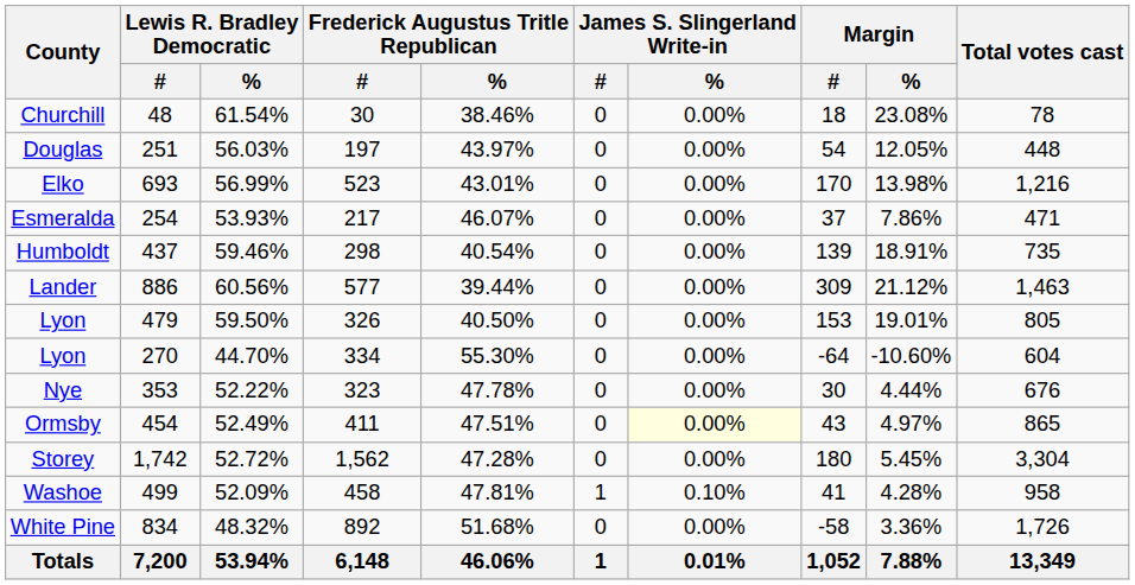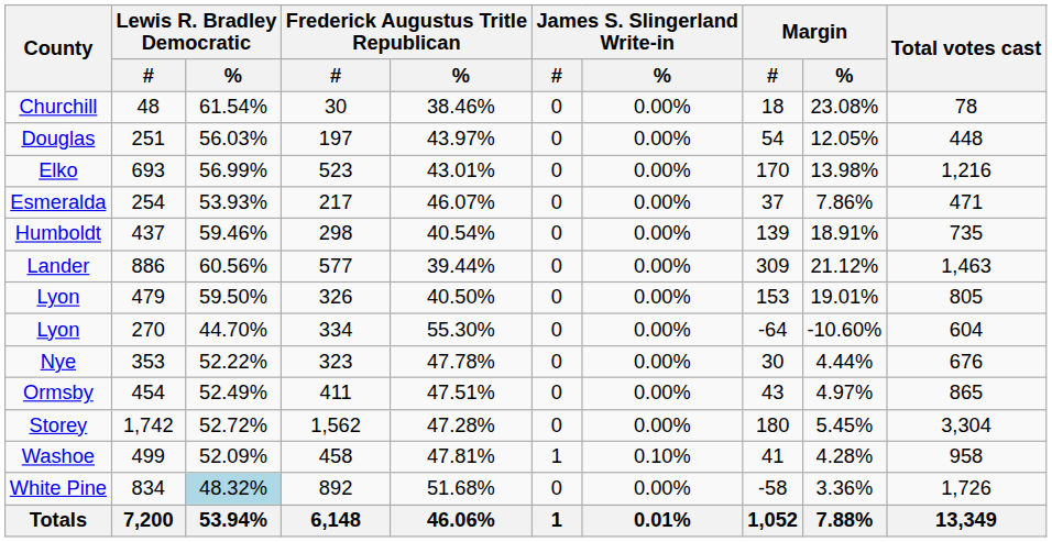 <table class="wikitable sortable" style="text-align:center">
 <tr>
 <th rowspan="2">County</th>
 <th style="text-align:center;" colspan="2">Lewis R. Bradley<br>Democratic</th>
 <th style="text-align:center;" colspan="2">Frederick Augustus Tritle<br>Republican</th>
 <th style="text-align:center;" colspan="2">James S. Slingerland<br>Write-in</th>
 <th style="text-align:center;" colspan="2">Margin</th>
 <th style="text-align:center;" rowspan="2">Total votes cast</th>
 </tr>
 <tr>
 <th style="text-align:center;" data-sort-type="number">#</th>
 <th style="text-align:center;" data-sort-type="number">%</th>
 <th style="text-align:center;" data-sort-type="number">#</th>
 <th style="text-align:center;" data-sort-type="number">%</th>
 <th style="text-align:center;" data-sort-type="number">#</th>
 <th style="text-align:center;" data-sort-type="number">%</th>
 <th style="text-align:center;" data-sort-type="number">#</th>
 <th style="text-align:center;" data-sort-type="number">%</th>
 </tr>
 <tr style="text-align:center;">
 <td><a href='#'>Churchill</a></td>
 <td>48</td>
 <td>61.54%</td>
 <td>30</td>
 <td>38.46%</td>
 <td>0</td>
 <td>0.00%</td>
 <td>18</td>
 <td>23.08%</td>
 <td>78</td>
 </tr>
 <tr style="text-align:center;">
 <td><a href='#'>Douglas</a></td>
 <td>251</td>
 <td>56.03%</td>
 <td>197</td>
 <td>43.97%</td>
 <td>0</td>
 <td>0.00%</td>
 <td>54</td>
 <td>12.05%</td>
 <td>448</td>
 </tr>
 <tr style="text-align:center;">
 <td><a href='#'>Elko</a></td>
 <td>693</td>
 <td>56.99%</td>
 <td>523</td>
 <td>43.01%</td>
 <td>0</td>
 <td>0.00%</td>
 <td>170</td>
 <td>13.98%</td>
 <td>1,216</td>
 </tr>
 <tr style="text-align:center;">
 <td><a href='#'>Esmeralda</a></td>
 <td>254</td>
 <td>53.93%</td>
 <td>217</td>
 <td>46.07%</td>
 <td>0</td>
 <td>0.00%</td>
 <td>37</td>
 <td>7.86%</td>
 <td>471</td>
 </tr>
 <tr style="text-align:center;">
 <td><a href='#'>Humboldt</a></td>
 <td>437</td>
 <td>59.46%</td>
 <td>298</td>
 <td>40.54%</td>
 <td>0</td>
 <td>0.00%</td>
 <td>139</td>
 <td>18.91%</td>
 <td>735</td>
 </tr>
 <tr style="text-align:center;">
 <td><a href='#'>Lander</a></td>
 <td>886</td>
 <td>60.56%</td>
 <td>577</td>
 <td>39.44%</td>
 <td>0</td>
 <td>0.00%</td>
 <td>309</td>
 <td>21.12%</td>
 <td>1,463</td>
 </tr>
 <tr style="text-align:center;">
 <td><a href='#'>Lyon</a></td>
 <td>479</td>
 <td>59.50%</td>
 <td>326</td>
 <td>40.50%</td>
 <td>0</td>
 <td>0.00%</td>
 <td>153</td>
 <td>19.01%</td>
 <td>805</td>
 </tr>
 <tr style="text-align:center;">
 <td><a href='#'>Lyon</a></td>
 <td>270</td>
 <td>44.70%</td>
 <td>334</td>
 <td>55.30%</td>
 <td>0</td>
 <td>0.00%</td>
 <td>-64</td>
 <td>-10.60%</td>
 <td>604</td>
 </tr>
 <tr style="text-align:center;">
 <td><a href='#'>Nye</a></td>
 <td>353</td>
 <td>52.22%</td>
 <td>323</td>
 <td>47.78%</td>
 <td>0</td>
 <td>0.00%</td>
 <td>30</td>
 <td>4.44%</td>
 <td>676</td>
 </tr>
 <tr style="text-align:center;">
 <td><a href='#'>Ormsby</a></td>
 <td>454</td>
 <td>52.49%</td>
 <td>411</td>
 <td>47.51%</td>
 <td>0</td>
-<td style="background: lightyellow;">0.00%</td>
+<td>0.00%</td>
 <td>43</td>
 <td>4.97%</td>
 <td>865</td>
 </tr>
 <tr style="text-align:center;">
 <td><a href='#'>Storey</a></td>
 <td>1,742</td>
 <td>52.72%</td>
 <td>1,562</td>
 <td>47.28%</td>
 <td>0</td>
 <td>0.00%</td>
 <td>180</td>
 <td>5.45%</td>
 <td>3,304</td>
 </tr>
 <tr style="text-align:center;">
 <td><a href='#'>Washoe</a></td>
 <td>499</td>
 <td>52.09%</td>
 <td>458</td>
 <td>47.81%</td>
 <td>1</td>
 <td>0.10%</td>
 <td>41</td>
 <td>4.28%</td>
 <td>958</td>
 </tr>
 <tr style="text-align:center;">
 <td><a href='#'>White Pine</a></td>
 <td>834</td>
-<td>48.32%</td>
+<td style="background: lightblue;">48.32%</td>
 <td>892</td>
 <td>51.68%</td>
 <td>0</td>
 <td>0.00%</td>
 <td>-58</td>
 <td>3.36%</td>
 <td>1,726</td>
 </tr>
 <tr style="text-align:center;">
 <th>Totals</th>
 <th>7,200</th>
 <th>53.94%</th>
 <th>6,148</th>
 <th>46.06%</th>
 <th>1</th>
 <th>0.01%</th>
 <th>1,052</th>
 <th>7.88%</th>
 <th>13,349</th>
 </tr>
 </table>
